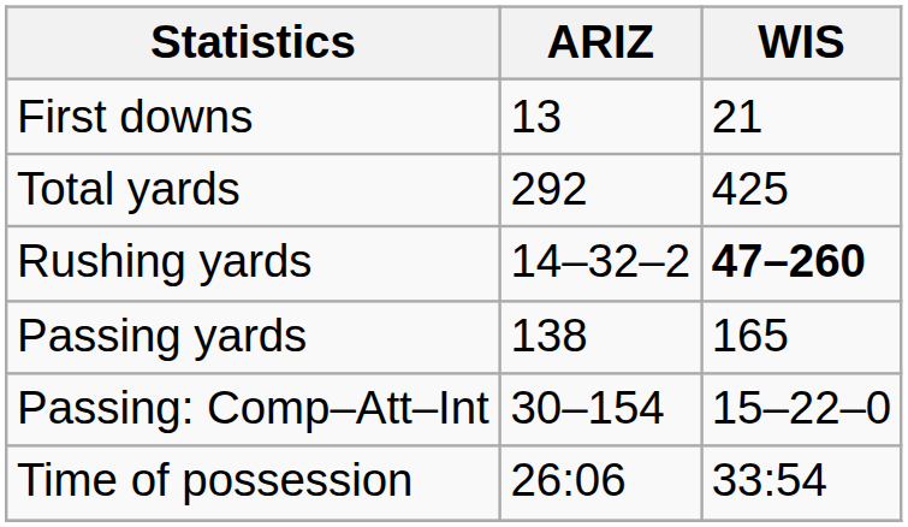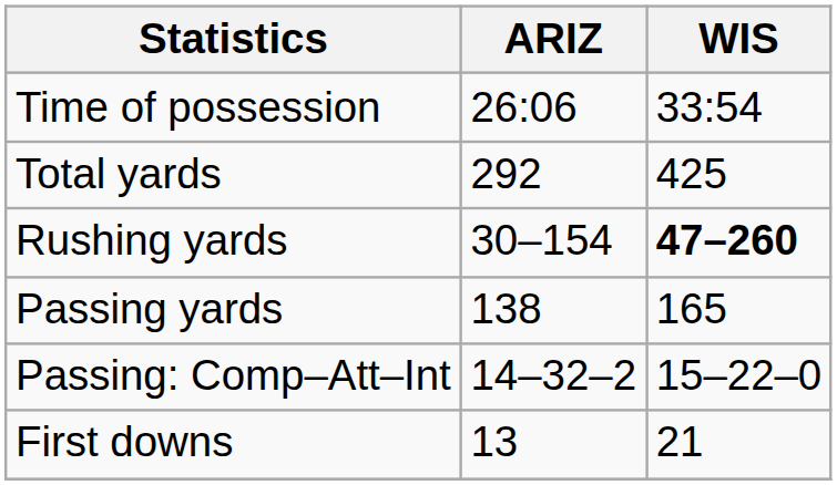 <table class="wikitable" style="float: left;">
 <tr>
 <th>Statistics</th>
 <th>ARIZ</th>
 <th>WIS</th>
 </tr>
 <tr>
-<td>First downs</td>
-<td>13</td>
-<td>21</td>
+<td>Time of possession</td>
+<td>26:06</td>
+<td>33:54</td>
 </tr>
 <tr>
 <td>Total yards</td>
 <td>292</td>
 <td>425</td>
 </tr>
 <tr>
 <td>Rushing yards</td>
-<td>14–32–2</td>
+<td>30–154</td>
 <td><strong>47–260</strong></td>
 </tr>
 <tr>
 <td>Passing yards</td>
 <td>138</td>
 <td>165</td>
 </tr>
 <tr>
 <td>Passing: Comp–Att–Int</td>
-<td>30–154</td>
+<td>14–32–2</td>
 <td>15–22–0</td>
 </tr>
 <tr>
-<td>Time of possession</td>
-<td>26:06</td>
-<td>33:54</td>
+<td>First downs</td>
+<td>13</td>
+<td>21</td>
 </tr>
 <tr>
 </tr>
 </table>
